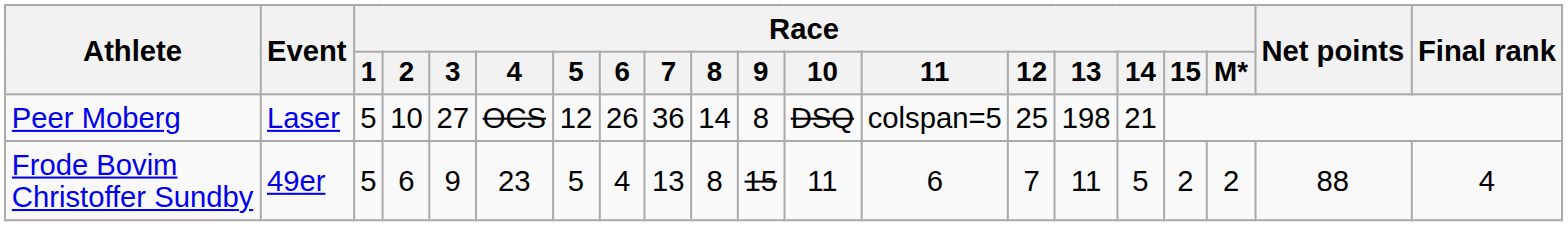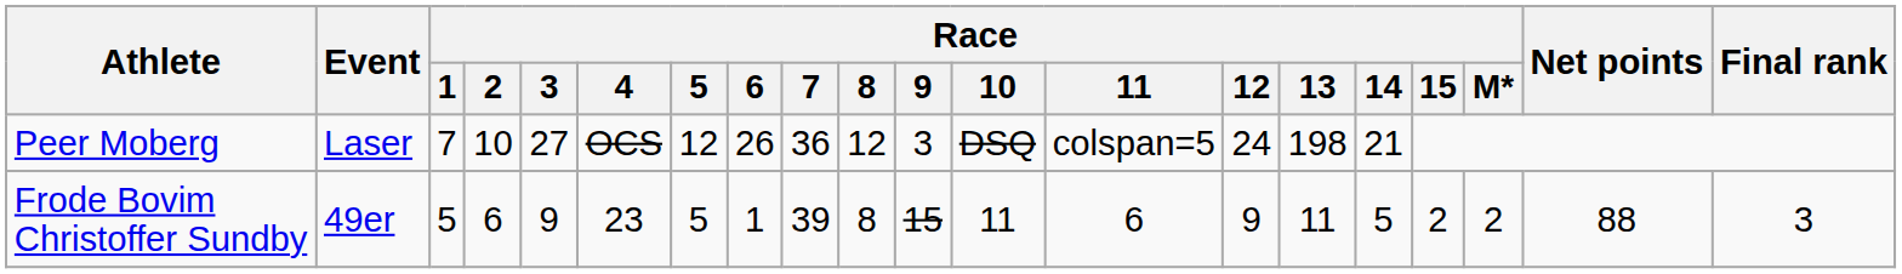 <table class="wikitable" style="font-size:90%">
 <tr>
 <th rowspan=2>Athlete</th>
 <th rowspan=2>Event</th>
 <th colspan=16>Race</th>
 <th rowspan=2>Net points</th>
 <th rowspan=2>Final rank</th>
 </tr>
 <tr style="font-size:95%">
 <th>1</th>
 <th>2</th>
 <th>3</th>
 <th>4</th>
 <th>5</th>
 <th>6</th>
 <th>7</th>
 <th>8</th>
 <th>9</th>
 <th>10</th>
 <th>11</th>
 <th>12</th>
 <th>13</th>
 <th>14</th>
 <th>15</th>
 <th>M*</th>
 </tr>
 <tr align=center>
 <td align=left><a href='#'>Peer Moberg</a></td>
 <td align=left><a href='#'>Laser</a></td>
-<td>5</td>
+<td>7</td>
 <td>10</td>
 <td>27</td>
 <td><s>OCS</s></td>
 <td>12</td>
 <td>26</td>
 <td>36</td>
-<td>14</td>
-<td>8</td>
+<td>12</td>
+<td>3</td>
 <td><s>DSQ</s></td>
 <td>colspan=5 </td>
-<td>25</td>
+<td>24</td>
 <td>198</td>
 <td>21</td>
 </tr>
 <tr align=center>
 <td align=left><a href='#'>Frode Bovim</a><br><a href='#'>Christoffer Sundby</a></td>
 <td align=left><a href='#'>49er</a></td>
 <td>5</td>
 <td>6</td>
 <td>9</td>
 <td>23</td>
 <td>5</td>
-<td>4</td>
-<td>13</td>
+<td>1</td>
+<td>39</td>
 <td>8</td>
 <td><s>15</s></td>
 <td>11</td>
 <td>6</td>
-<td>7</td>
+<td>9</td>
 <td>11</td>
 <td>5</td>
 <td>2</td>
 <td>2</td>
 <td>88</td>
-<td>4</td>
+<td>3</td>
 </tr>
 </table>
